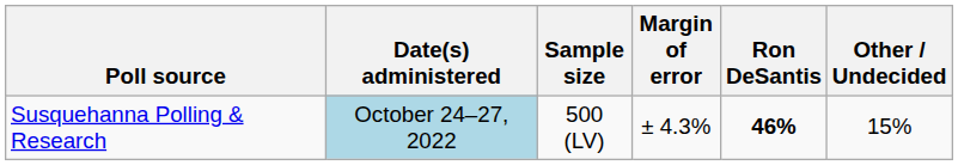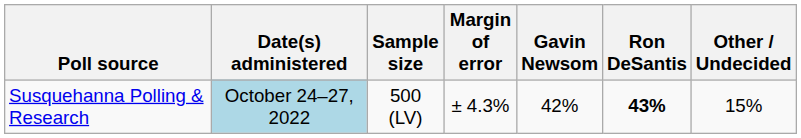 <table class="wikitable sortable mw-datatable" style="font-size:90%;text-align:center;line-height:17px">
 <tr valign=bottom>
 <th>Poll source</th>
 <th>Date(s)<br>administered</th>
 <th>Sample<br>size</th>
 <th>Margin<br>of error</th>
+<th class="unsortable">Gavin<br>Newsom<br></th>
 <th class="unsortable">Ron<br>DeSantis<br></th>
 <th class="unsortable">Other /<br>Undecided</th>
 </tr>
 <tr>
 <td style="text-align:left;"><a href='#'>Susquehanna Polling & Research</a></td>
 <td data-sort-value="2022-10-27" style="background: lightblue;">October 24–27, 2022</td>
 <td>500 (LV)</td>
 <td>± 4.3%</td>
-<td style="background-color:"><strong>46%</strong></td>
+<td>42%</td>
+<td style="background-color:"><strong>43%</strong></td>
 <td>15%</td>
 </tr>
 </table>
